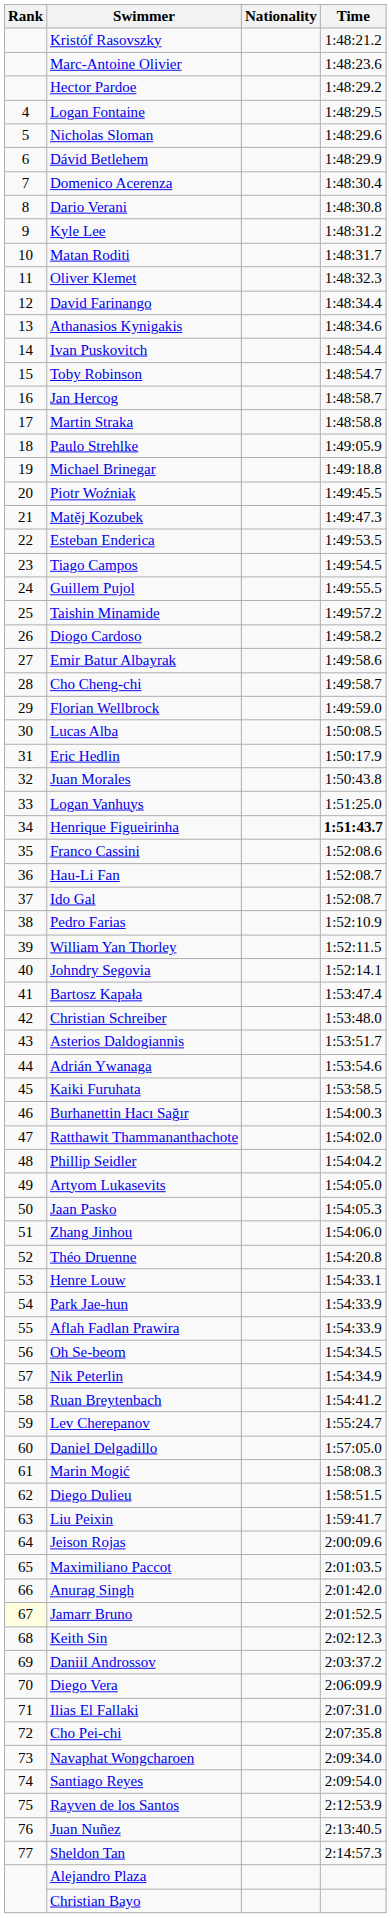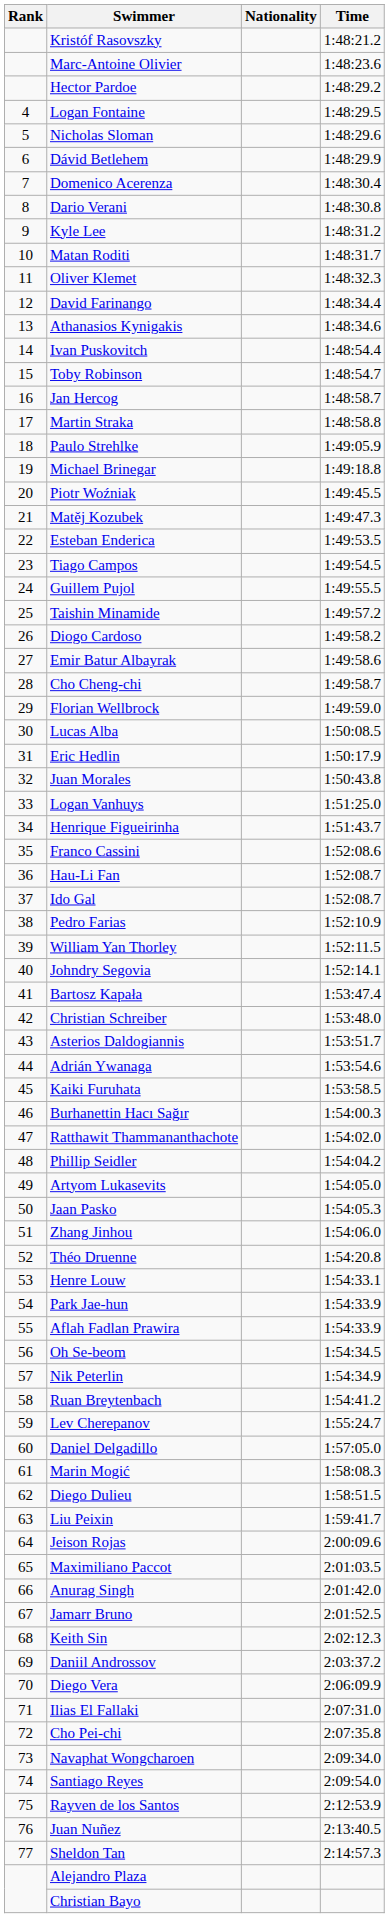 <table class="wikitable sortable" style="text-align:center">
 <tr>
 <th>Rank</th>
 <th>Swimmer</th>
 <th>Nationality</th>
 <th>Time</th>
 </tr>
 <tr>
 <td></td>
 <td align=left><a href='#'>Kristóf Rasovszky</a></td>
 <td align=left></td>
 <td>1:48:21.2</td>
 </tr>
 <tr>
 <td></td>
 <td align=left><a href='#'>Marc-Antoine Olivier</a></td>
 <td align=left></td>
 <td>1:48:23.6</td>
 </tr>
 <tr>
 <td></td>
 <td align=left><a href='#'>Hector Pardoe</a></td>
 <td align=left></td>
 <td>1:48:29.2</td>
 </tr>
 <tr>
 <td>4</td>
 <td align=left><a href='#'>Logan Fontaine</a></td>
 <td align=left></td>
 <td>1:48:29.5</td>
 </tr>
 <tr>
 <td>5</td>
 <td align=left><a href='#'>Nicholas Sloman</a></td>
 <td align=left></td>
 <td>1:48:29.6</td>
 </tr>
 <tr>
 <td>6</td>
 <td align=left><a href='#'>Dávid Betlehem</a></td>
 <td align=left></td>
 <td>1:48:29.9</td>
 </tr>
 <tr>
 <td>7</td>
 <td align=left><a href='#'>Domenico Acerenza</a></td>
 <td align=left></td>
 <td>1:48:30.4</td>
 </tr>
 <tr>
 <td>8</td>
 <td align=left><a href='#'>Dario Verani</a></td>
 <td align=left></td>
 <td>1:48:30.8</td>
 </tr>
 <tr>
 <td>9</td>
 <td align=left><a href='#'>Kyle Lee</a></td>
 <td align=left></td>
 <td>1:48:31.2</td>
 </tr>
 <tr>
 <td>10</td>
 <td align=left><a href='#'>Matan Roditi</a></td>
 <td align=left></td>
 <td>1:48:31.7</td>
 </tr>
 <tr>
 <td>11</td>
 <td align=left><a href='#'>Oliver Klemet</a></td>
 <td align=left></td>
 <td>1:48:32.3</td>
 </tr>
 <tr>
 <td>12</td>
 <td align=left><a href='#'>David Farinango</a></td>
 <td align=left></td>
 <td>1:48:34.4</td>
 </tr>
 <tr>
 <td>13</td>
 <td align=left><a href='#'>Athanasios Kynigakis</a></td>
 <td align=left></td>
 <td>1:48:34.6</td>
 </tr>
 <tr>
 <td>14</td>
 <td align=left><a href='#'>Ivan Puskovitch</a></td>
 <td align=left></td>
 <td>1:48:54.4</td>
 </tr>
 <tr>
 <td>15</td>
 <td align=left><a href='#'>Toby Robinson</a></td>
 <td align=left></td>
 <td>1:48:54.7</td>
 </tr>
 <tr>
 <td>16</td>
 <td align=left><a href='#'>Jan Hercog</a></td>
 <td align=left></td>
 <td>1:48:58.7</td>
 </tr>
 <tr>
 <td>17</td>
 <td align=left><a href='#'>Martin Straka</a></td>
 <td align=left></td>
 <td>1:48:58.8</td>
 </tr>
 <tr>
 <td>18</td>
 <td align=left><a href='#'>Paulo Strehlke</a></td>
 <td align=left></td>
 <td>1:49:05.9</td>
 </tr>
 <tr>
 <td>19</td>
 <td align=left><a href='#'>Michael Brinegar</a></td>
 <td align=left></td>
 <td>1:49:18.8</td>
 </tr>
 <tr>
 <td>20</td>
 <td align=left><a href='#'>Piotr Woźniak</a></td>
 <td align=left></td>
 <td>1:49:45.5</td>
 </tr>
 <tr>
 <td>21</td>
 <td align=left><a href='#'>Matěj Kozubek</a></td>
 <td align=left></td>
 <td>1:49:47.3</td>
 </tr>
 <tr>
 <td>22</td>
 <td align=left><a href='#'>Esteban Enderica</a></td>
 <td align=left></td>
 <td>1:49:53.5</td>
 </tr>
 <tr>
 <td>23</td>
 <td align=left><a href='#'>Tiago Campos</a></td>
 <td align=left></td>
 <td>1:49:54.5</td>
 </tr>
 <tr>
 <td>24</td>
 <td align=left><a href='#'>Guillem Pujol</a></td>
 <td align=left></td>
 <td>1:49:55.5</td>
 </tr>
 <tr>
 <td>25</td>
 <td align=left><a href='#'>Taishin Minamide</a></td>
 <td align=left></td>
 <td>1:49:57.2</td>
 </tr>
 <tr>
 <td>26</td>
 <td align=left><a href='#'>Diogo Cardoso</a></td>
 <td align=left></td>
 <td>1:49:58.2</td>
 </tr>
 <tr>
 <td>27</td>
 <td align=left><a href='#'>Emir Batur Albayrak</a></td>
 <td align=left></td>
 <td>1:49:58.6</td>
 </tr>
 <tr>
 <td>28</td>
 <td align=left><a href='#'>Cho Cheng-chi</a></td>
 <td align=left></td>
 <td>1:49:58.7</td>
 </tr>
 <tr>
 <td>29</td>
 <td align=left><a href='#'>Florian Wellbrock</a></td>
 <td align=left></td>
 <td>1:49:59.0</td>
 </tr>
 <tr>
 <td>30</td>
 <td align=left><a href='#'>Lucas Alba</a></td>
 <td align=left></td>
 <td>1:50:08.5</td>
 </tr>
 <tr>
 <td>31</td>
 <td align=left><a href='#'>Eric Hedlin</a></td>
 <td align=left></td>
 <td>1:50:17.9</td>
 </tr>
 <tr>
 <td>32</td>
 <td align=left><a href='#'>Juan Morales</a></td>
 <td align=left></td>
 <td>1:50:43.8</td>
 </tr>
 <tr>
 <td>33</td>
 <td align=left><a href='#'>Logan Vanhuys</a></td>
 <td align=left></td>
 <td>1:51:25.0</td>
 </tr>
 <tr>
 <td>34</td>
 <td align=left><a href='#'>Henrique Figueirinha</a></td>
 <td align=left></td>
-<td><strong>1:51:43.7</strong></td>
+<td>1:51:43.7</td>
 </tr>
 <tr>
 <td>35</td>
 <td align=left><a href='#'>Franco Cassini</a></td>
 <td align=left></td>
 <td>1:52:08.6</td>
 </tr>
 <tr>
 <td>36</td>
 <td align=left><a href='#'>Hau-Li Fan</a></td>
 <td align=left></td>
 <td>1:52:08.7</td>
 </tr>
 <tr>
 <td>37</td>
 <td align=left><a href='#'>Ido Gal</a></td>
 <td align=left></td>
 <td>1:52:08.7</td>
 </tr>
 <tr>
 <td>38</td>
 <td align=left><a href='#'>Pedro Farias</a></td>
 <td align=left></td>
 <td>1:52:10.9</td>
 </tr>
 <tr>
 <td>39</td>
 <td align=left><a href='#'>William Yan Thorley</a></td>
 <td align=left></td>
 <td>1:52:11.5</td>
 </tr>
 <tr>
 <td>40</td>
 <td align=left><a href='#'>Johndry Segovia</a></td>
 <td align=left></td>
 <td>1:52:14.1</td>
 </tr>
 <tr>
 <td>41</td>
 <td align=left><a href='#'>Bartosz Kapała</a></td>
 <td align=left></td>
 <td>1:53:47.4</td>
 </tr>
 <tr>
 <td>42</td>
 <td align=left><a href='#'>Christian Schreiber</a></td>
 <td align=left></td>
 <td>1:53:48.0</td>
 </tr>
 <tr>
 <td>43</td>
 <td align=left><a href='#'>Asterios Daldogiannis</a></td>
 <td align=left></td>
 <td>1:53:51.7</td>
 </tr>
 <tr>
 <td>44</td>
 <td align=left><a href='#'>Adrián Ywanaga</a></td>
 <td align=left></td>
 <td>1:53:54.6</td>
 </tr>
 <tr>
 <td>45</td>
 <td align=left><a href='#'>Kaiki Furuhata</a></td>
 <td align=left></td>
 <td>1:53:58.5</td>
 </tr>
 <tr>
 <td>46</td>
 <td align=left><a href='#'>Burhanettin Hacı Sağır</a></td>
 <td align=left></td>
 <td>1:54:00.3</td>
 </tr>
 <tr>
 <td>47</td>
 <td align=left><a href='#'>Ratthawit Thammananthachote</a></td>
 <td align=left></td>
 <td>1:54:02.0</td>
 </tr>
 <tr>
 <td>48</td>
 <td align=left><a href='#'>Phillip Seidler</a></td>
 <td align=left></td>
 <td>1:54:04.2</td>
 </tr>
 <tr>
 <td>49</td>
 <td align=left><a href='#'>Artyom Lukasevits</a></td>
 <td align=left></td>
 <td>1:54:05.0</td>
 </tr>
 <tr>
 <td>50</td>
 <td align=left><a href='#'>Jaan Pasko</a></td>
 <td align=left></td>
 <td>1:54:05.3</td>
 </tr>
 <tr>
 <td>51</td>
 <td align=left><a href='#'>Zhang Jinhou</a></td>
 <td align=left></td>
 <td>1:54:06.0</td>
 </tr>
 <tr>
 <td>52</td>
 <td align=left><a href='#'>Théo Druenne</a></td>
 <td align=left></td>
 <td>1:54:20.8</td>
 </tr>
 <tr>
 <td>53</td>
 <td align=left><a href='#'>Henre Louw</a></td>
 <td align=left></td>
 <td>1:54:33.1</td>
 </tr>
 <tr>
 <td>54</td>
 <td align=left><a href='#'>Park Jae-hun</a></td>
 <td align=left></td>
 <td>1:54:33.9</td>
 </tr>
 <tr>
 <td>55</td>
 <td align=left><a href='#'>Aflah Fadlan Prawira</a></td>
 <td align=left></td>
 <td>1:54:33.9</td>
 </tr>
 <tr>
 <td>56</td>
 <td align=left><a href='#'>Oh Se-beom</a></td>
 <td align=left></td>
 <td>1:54:34.5</td>
 </tr>
 <tr>
 <td>57</td>
 <td align=left><a href='#'>Nik Peterlin</a></td>
 <td align=left></td>
 <td>1:54:34.9</td>
 </tr>
 <tr>
 <td>58</td>
 <td align=left><a href='#'>Ruan Breytenbach</a></td>
 <td align=left></td>
 <td>1:54:41.2</td>
 </tr>
 <tr>
 <td>59</td>
 <td align=left><a href='#'>Lev Cherepanov</a></td>
 <td align=left></td>
 <td>1:55:24.7</td>
 </tr>
 <tr>
 <td>60</td>
 <td align=left><a href='#'>Daniel Delgadillo</a></td>
 <td align=left></td>
 <td>1:57:05.0</td>
 </tr>
 <tr>
 <td>61</td>
 <td align=left><a href='#'>Marin Mogić</a></td>
 <td align=left></td>
 <td>1:58:08.3</td>
 </tr>
 <tr>
 <td>62</td>
 <td align=left><a href='#'>Diego Dulieu</a></td>
 <td align=left></td>
 <td>1:58:51.5</td>
 </tr>
 <tr>
 <td>63</td>
 <td align=left><a href='#'>Liu Peixin</a></td>
 <td align=left></td>
 <td>1:59:41.7</td>
 </tr>
 <tr>
 <td>64</td>
 <td align=left><a href='#'>Jeison Rojas</a></td>
 <td align=left></td>
 <td>2:00:09.6</td>
 </tr>
 <tr>
 <td>65</td>
 <td align=left><a href='#'>Maximiliano Paccot</a></td>
 <td align=left></td>
 <td>2:01:03.5</td>
 </tr>
 <tr>
 <td>66</td>
 <td align=left><a href='#'>Anurag Singh</a></td>
 <td align=left></td>
 <td>2:01:42.0</td>
 </tr>
 <tr>
-<td style="background: lightyellow;">67</td>
+<td>67</td>
 <td align=left><a href='#'>Jamarr Bruno</a></td>
 <td align=left></td>
 <td>2:01:52.5</td>
 </tr>
 <tr>
 <td>68</td>
 <td align=left><a href='#'>Keith Sin</a></td>
 <td align=left></td>
 <td>2:02:12.3</td>
 </tr>
 <tr>
 <td>69</td>
 <td align=left><a href='#'>Daniil Androssov</a></td>
 <td align=left></td>
 <td>2:03:37.2</td>
 </tr>
 <tr>
 <td>70</td>
 <td align=left><a href='#'>Diego Vera</a></td>
 <td align=left></td>
 <td>2:06:09.9</td>
 </tr>
 <tr>
 <td>71</td>
 <td align=left><a href='#'>Ilias El Fallaki</a></td>
 <td align=left></td>
 <td>2:07:31.0</td>
 </tr>
 <tr>
 <td>72</td>
 <td align=left><a href='#'>Cho Pei-chi</a></td>
 <td align=left></td>
 <td>2:07:35.8</td>
 </tr>
 <tr>
 <td>73</td>
 <td align=left><a href='#'>Navaphat Wongcharoen</a></td>
 <td align=left></td>
 <td>2:09:34.0</td>
 </tr>
 <tr>
 <td>74</td>
 <td align=left><a href='#'>Santiago Reyes</a></td>
 <td align=left></td>
 <td>2:09:54.0</td>
 </tr>
 <tr>
 <td>75</td>
 <td align=left><a href='#'>Rayven de los Santos</a></td>
 <td align=left></td>
 <td>2:12:53.9</td>
 </tr>
 <tr>
 <td>76</td>
 <td align=left><a href='#'>Juan Nuñez</a></td>
 <td align=left></td>
 <td>2:13:40.5</td>
 </tr>
 <tr>
 <td>77</td>
 <td align=left><a href='#'>Sheldon Tan</a></td>
 <td align=left></td>
 <td>2:14:57.3</td>
 </tr>
 <tr>
 <td rowspan=2></td>
 <td align=left><a href='#'>Alejandro Plaza</a></td>
 <td align=left></td>
 <td></td>
 </tr>
 <tr>
 <td align=left><a href='#'>Christian Bayo</a></td>
 <td align=left></td>
 <td></td>
 </tr>
 </table>
